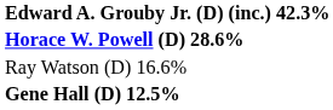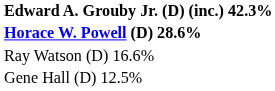 <table>
 <tr>
 <td><strong>Edward A. Grouby Jr. (D) (inc.) 42.3%</strong></td>
 </tr>
 <tr>
 <td><strong><a href='#'>Horace W. Powell</a> (D) 28.6%</strong></td>
 </tr>
 <tr>
 <td>Ray Watson (D) 16.6%</td>
 </tr>
 <tr>
-<td><strong>Gene Hall (D) 12.5%</strong></td>
+<td>Gene Hall (D) 12.5%</td>
 </tr>
 </table>
